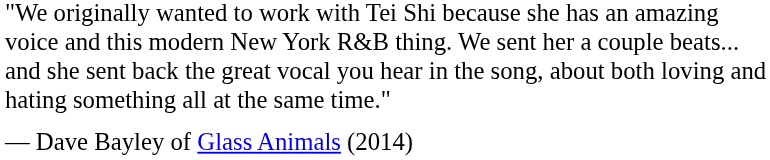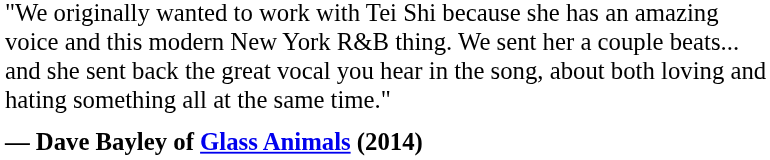 <table class="toccolours" style="float: left; margin-left: 0em; margin-right: 1em; font-size: 85%; background:offwhite; color:black; width:32em; max-width: 40%;" cellspacing="5">
 <tr>
 <td style="text-align: left;">"We originally wanted to work with Tei Shi because she has an amazing voice and this modern New York R&B thing. We sent her a couple beats... and she sent back the great vocal you hear in the song, about both loving and hating something all at the same time."</td>
 </tr>
 <tr>
-<td style="text-align: left;">— Dave Bayley of <a href='#'>Glass Animals</a> (2014)</td>
+<td style="text-align: left;"><strong>— Dave Bayley of <a href='#'>Glass Animals</a> (2014)</strong></td>
 </tr>
 </table>
